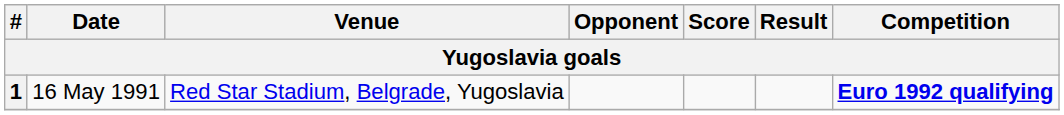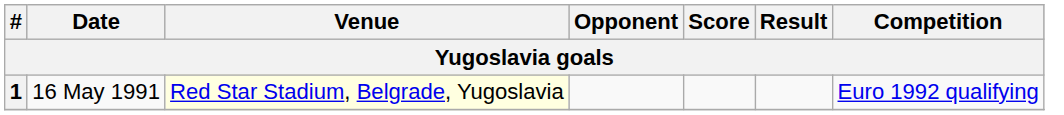 <table class="wikitable">
 <tr style="background:#ccc; text-align:center;">
 <th>#</th>
 <th>Date</th>
 <th>Venue</th>
 <th>Opponent</th>
 <th>Score</th>
 <th>Result</th>
 <th>Competition</th>
 </tr>
 <tr>
 <th colspan="7">Yugoslavia goals</th>
 </tr>
 <tr>
 <th>1</th>
 <td>16 May 1991</td>
-<td><a href='#'>Red Star Stadium</a>, <a href='#'>Belgrade</a>, Yugoslavia</td>
+<td style="background: lightyellow;"><a href='#'>Red Star Stadium</a>, <a href='#'>Belgrade</a>, Yugoslavia</td>
 <td></td>
 <td></td>
 <td></td>
-<td><strong><a href='#'>Euro 1992 qualifying</a></strong></td>
+<td><a href='#'>Euro 1992 qualifying</a></td>
 </tr>
 <tr>
 </tr>
 </table>
